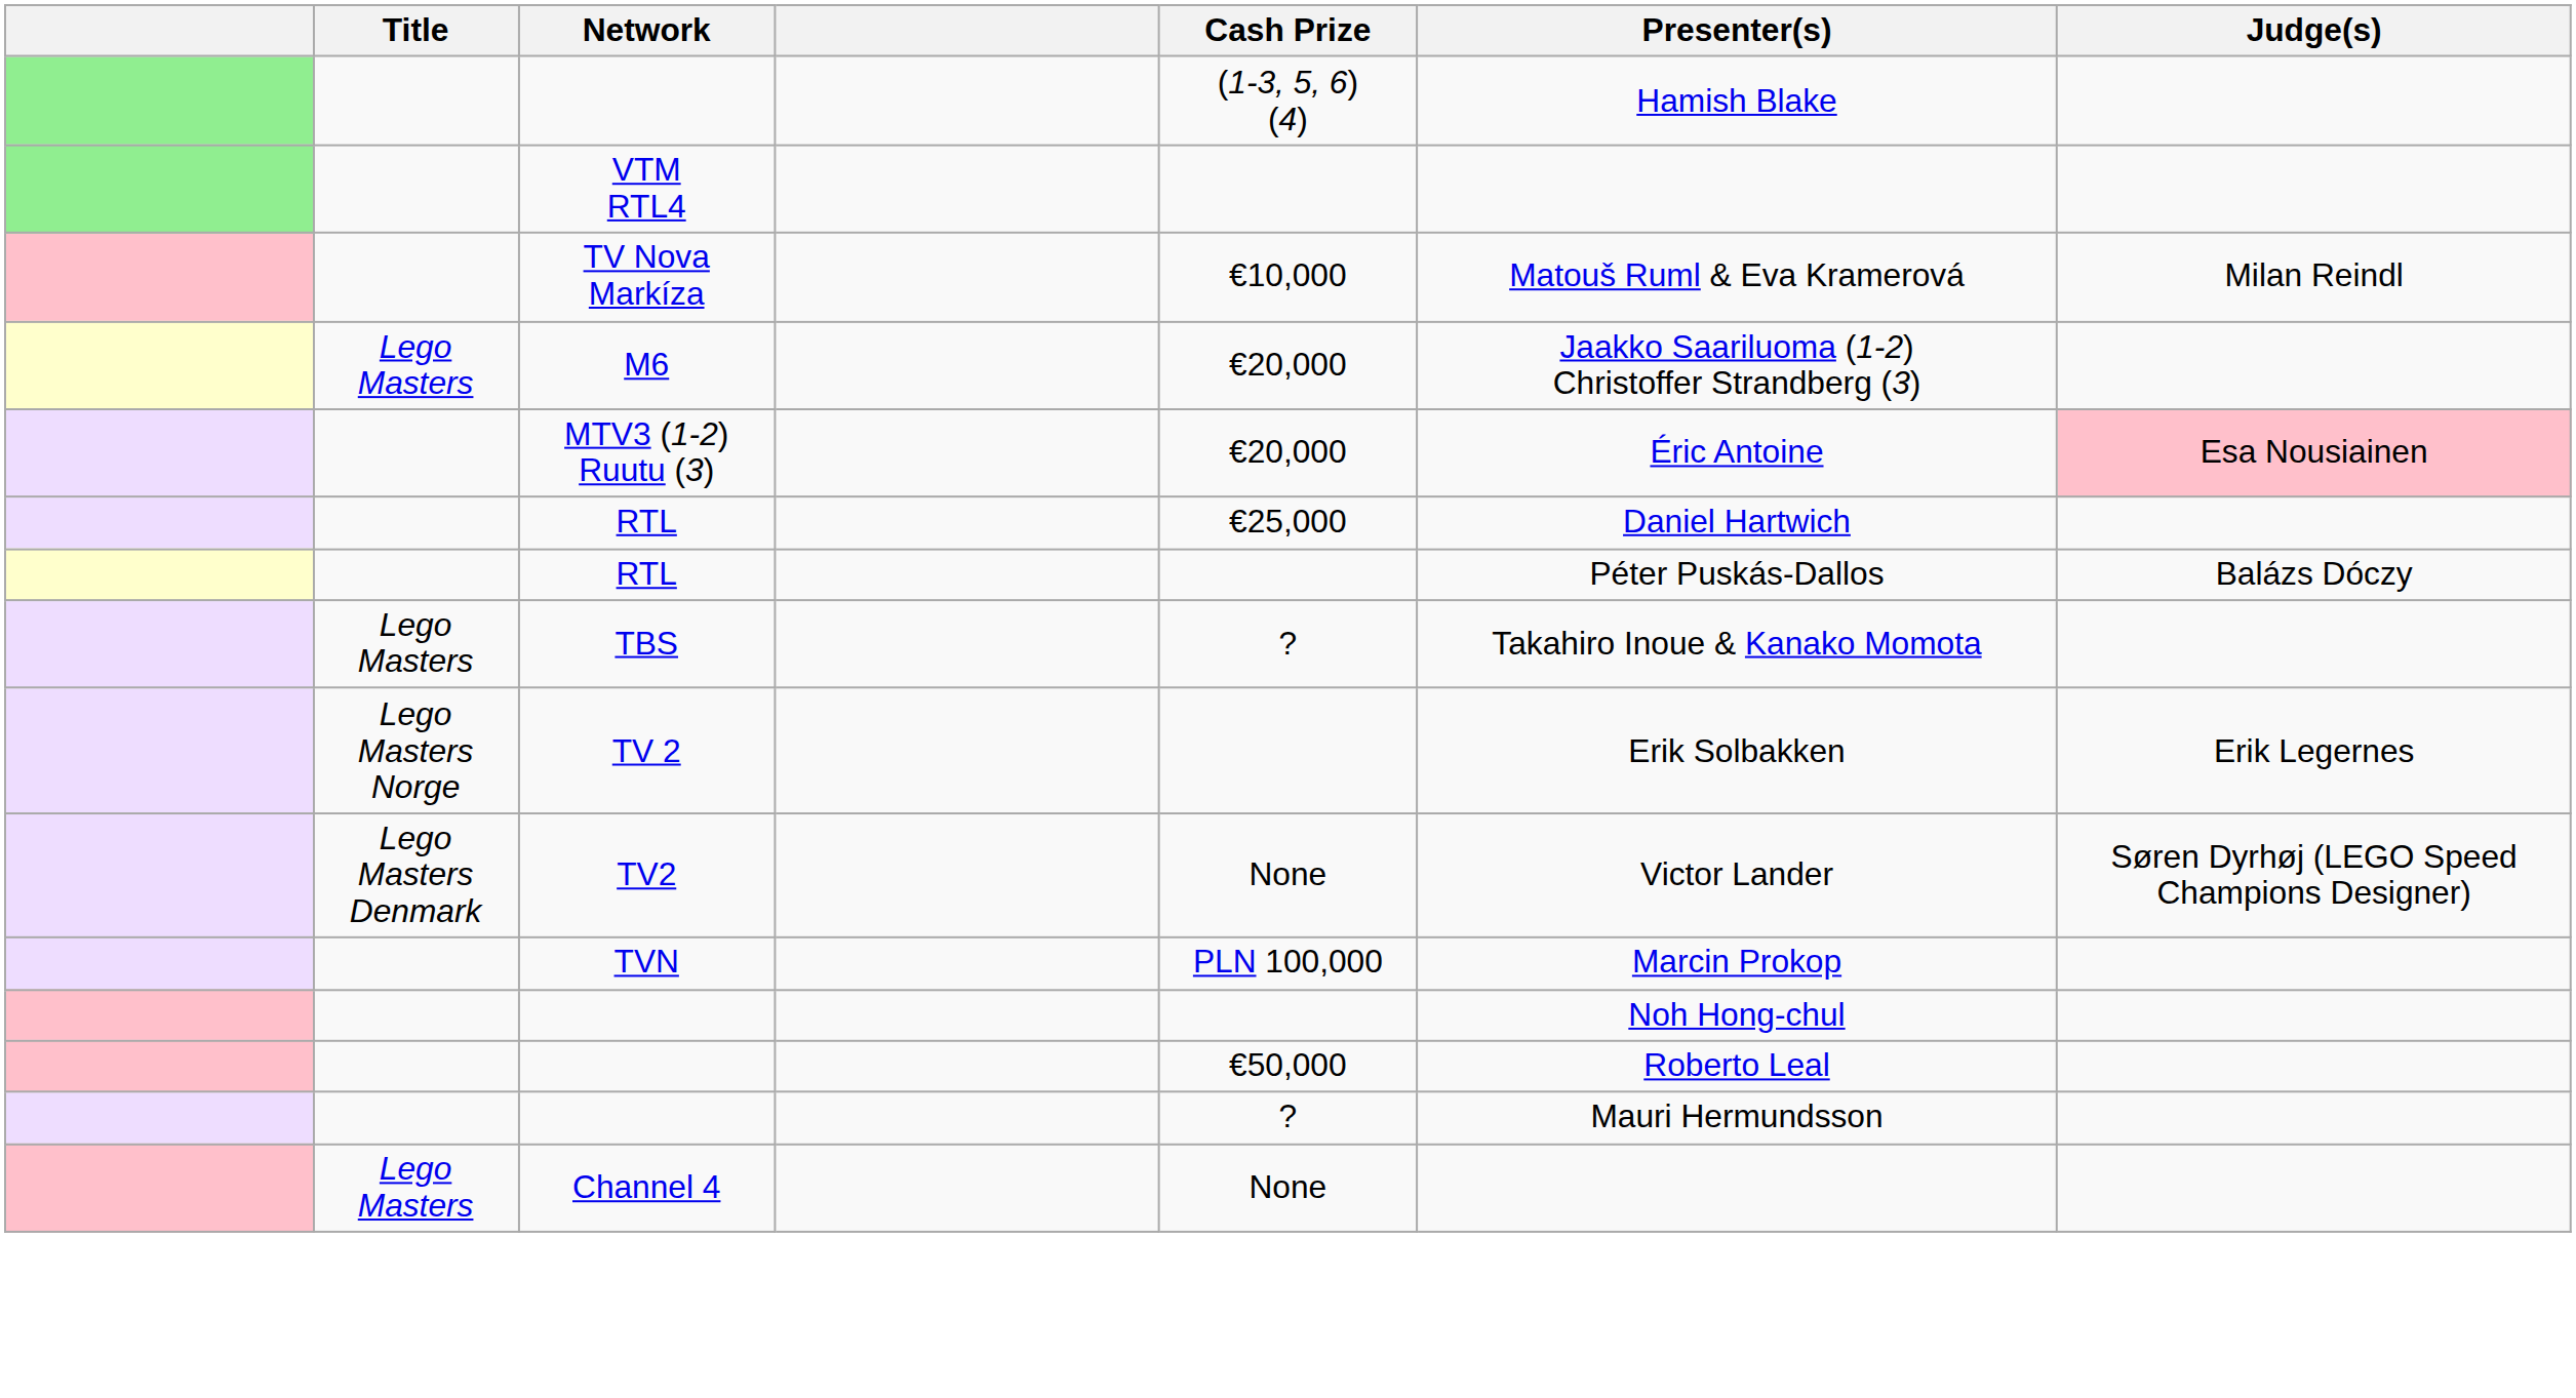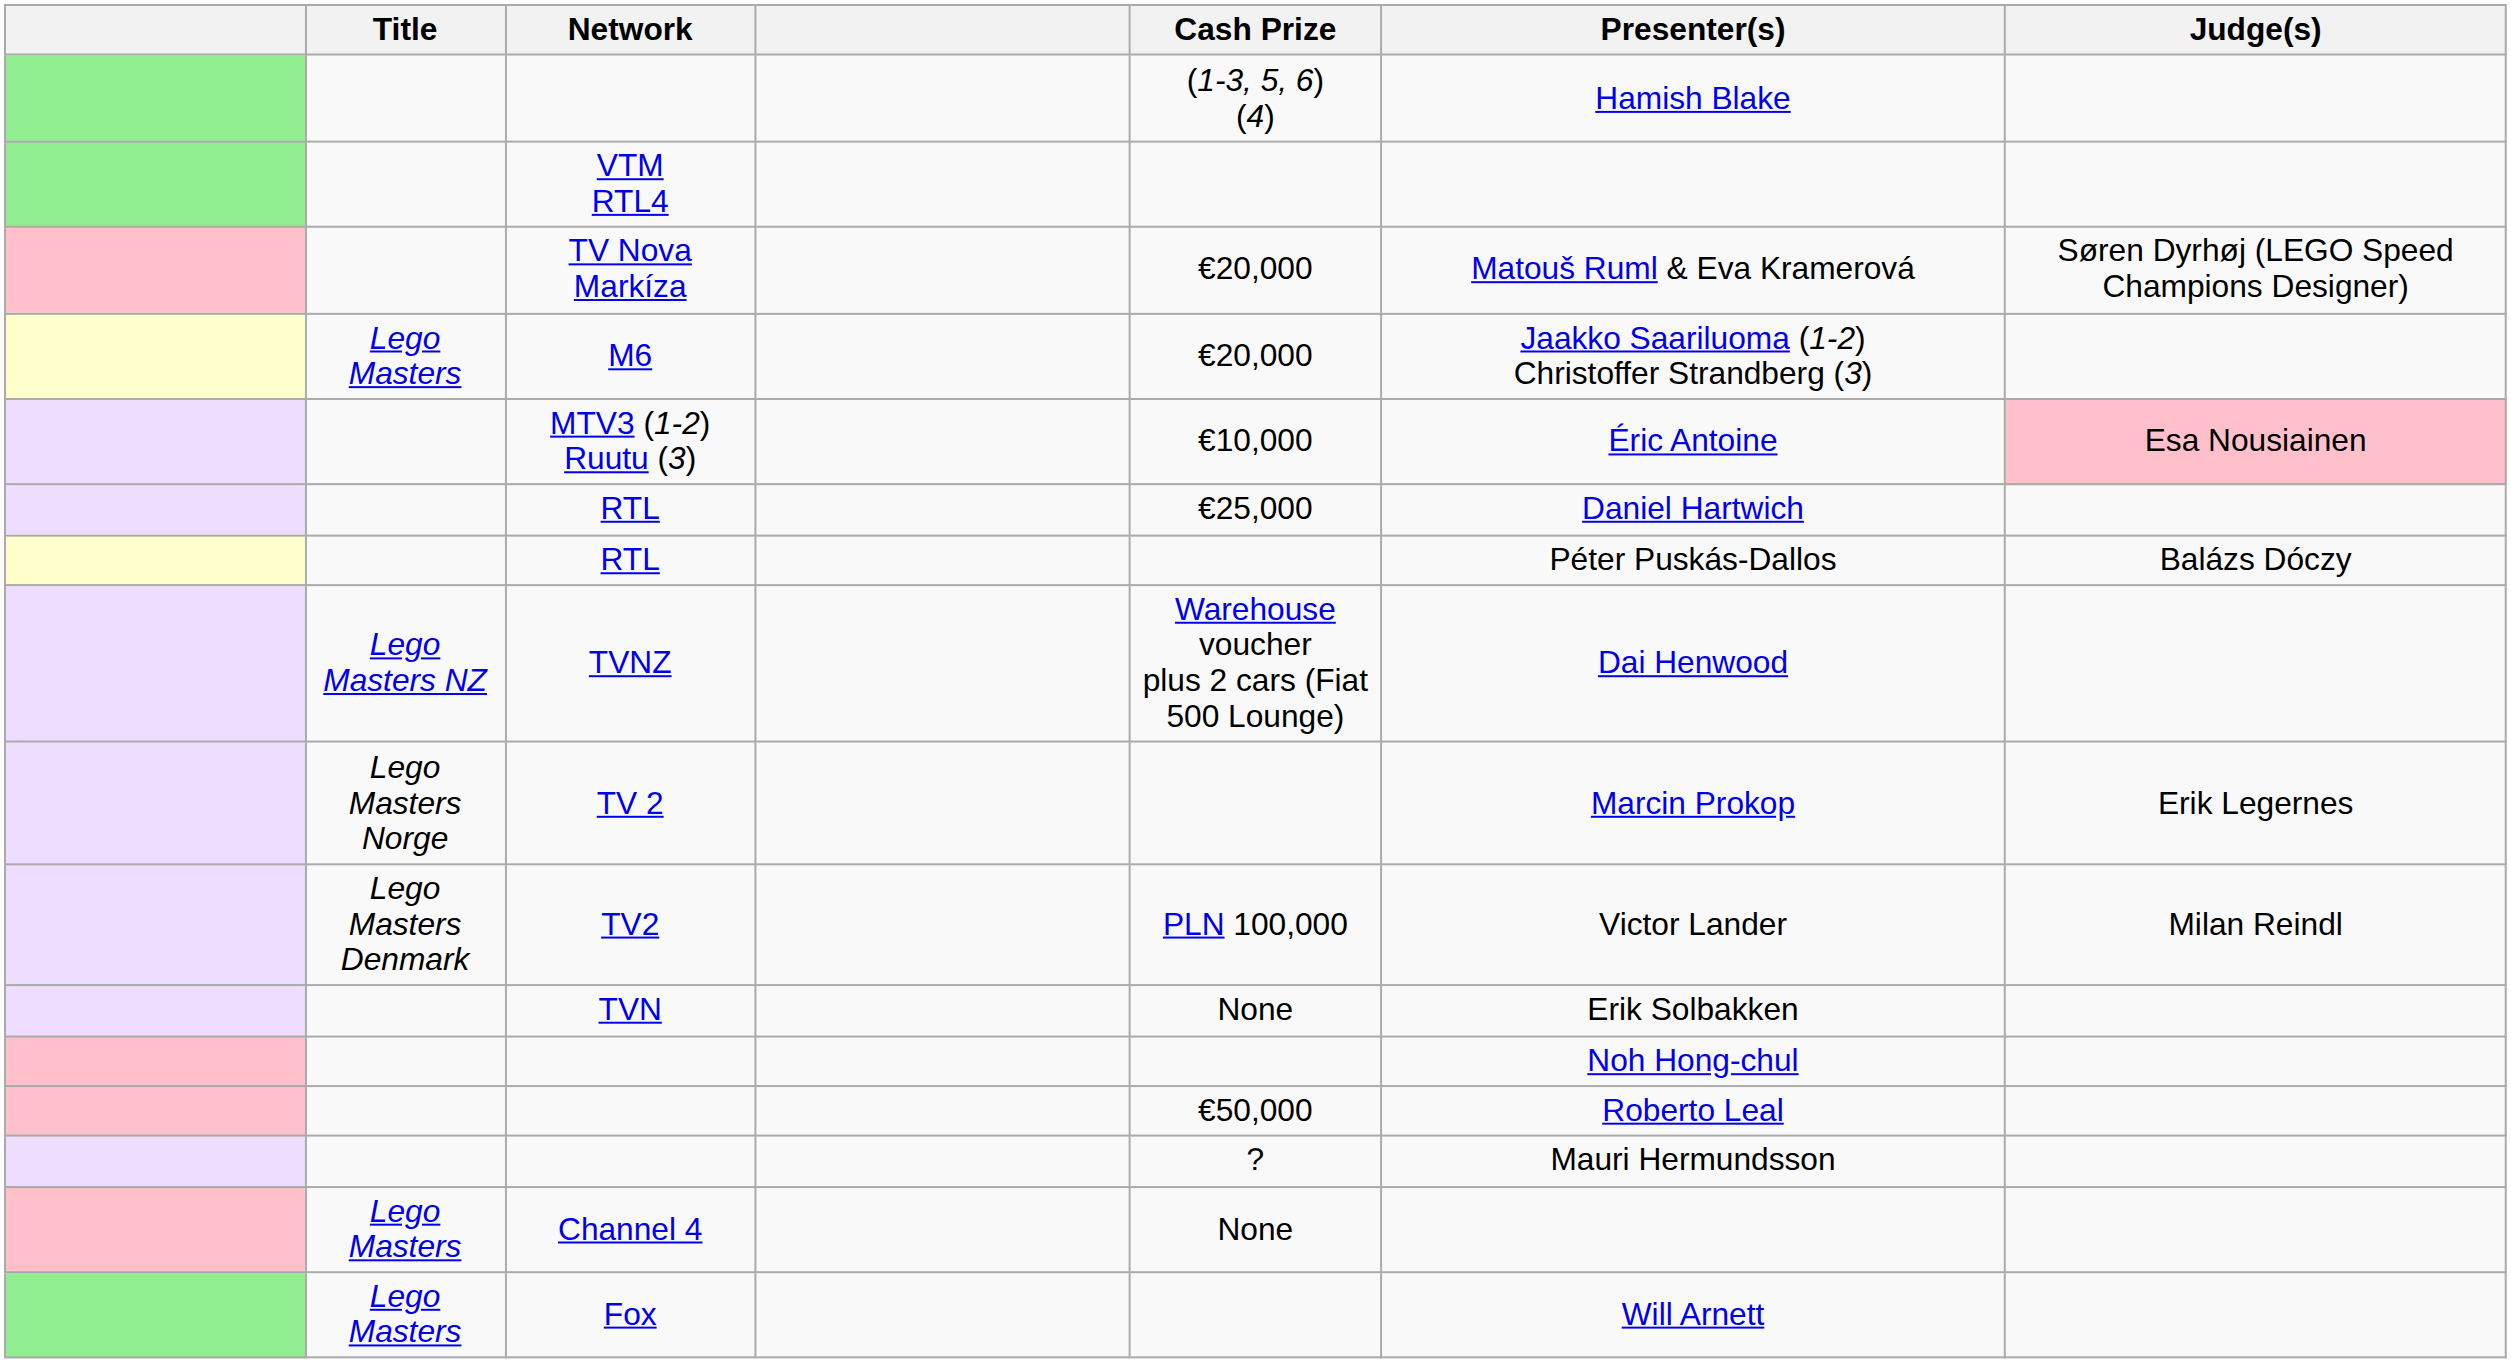 <table class="wikitable" style="text-align:center; line-height:18px; width:100%;">
 <tr>
 <th scope="col" width="12%"></th>
 <th>Title</th>
 <th scope="col" width="10%">Network</th>
 <th scope="col" width="15%"></th>
 <th scope="col" width="10%">Cash Prize</th>
 <th scope="col" width="25%">Presenter(s)</th>
 <th scope="col" width="20%">Judge(s)</th>
 </tr>
 <tr>
 <td align="left" bgcolor="#90EE90"></td>
 <td></td>
 <td></td>
 <td></td>
 <td> (<em>1-3, 5, 6</em>)<br> (<em>4</em>)</td>
 <td><a href='#'>Hamish Blake</a></td>
 <td></td>
 </tr>
 <tr>
 <td align="left" bgcolor="lightgreen"></td>
 <td><em></em></td>
 <td> <a href='#'>VTM</a><br> <a href='#'>RTL4</a></td>
 <td></td>
 <td></td>
 <td></td>
 <td></td>
 </tr>
 <tr>
 <td align="left" bgcolor="#FFC0CB"></td>
 <td><em></em></td>
 <td> <a href='#'>TV Nova</a><br> <a href='#'>Markíza</a></td>
 <td></td>
-<td>€10,000</td>
+<td>€20,000</td>
 <td><a href='#'>Matouš Ruml</a> & Eva Kramerová</td>
-<td>Milan Reindl</td>
+<td>Søren Dyrhøj (LEGO Speed Champions Designer)</td>
 </tr>
 <tr>
 <td align="left" bgcolor="#FFFFCC"></td>
 <td><em><a href='#'>Lego Masters</a></em></td>
 <td><a href='#'>M6</a></td>
 <td></td>
 <td>€20,000</td>
 <td><a href='#'>Jaakko Saariluoma</a> (<em>1-2</em>)<br>Christoffer Strandberg (<em>3</em>)</td>
 <td></td>
 </tr>
 <tr>
 <td align="left" bgcolor="#EEDDFF"></td>
 <td><em></em></td>
 <td><a href='#'>MTV3</a> (<em>1-2</em>)<br><a href='#'>Ruutu</a> (<em>3</em>)</td>
 <td></td>
-<td>€20,000</td>
+<td>€10,000</td>
 <td><a href='#'>Éric Antoine</a></td>
 <td style="background: pink;">Esa Nousiainen</td>
 </tr>
 <tr>
 <td align="left" bgcolor="#EEDDFF"></td>
 <td><em></em></td>
 <td><a href='#'>RTL</a></td>
 <td></td>
 <td>€25,000</td>
 <td><a href='#'>Daniel Hartwich</a></td>
 <td></td>
 </tr>
 <tr>
 <td align="left" bgcolor="#FFFFCC"></td>
 <td></td>
 <td><a href='#'>RTL</a></td>
 <td></td>
 <td></td>
 <td>Péter Puskás-Dallos</td>
 <td>Balázs Dóczy</td>
 </tr>
 <tr>
-<td align="left" bgcolor="#EEDDFF"></td>
-<td><em>Lego Masters</em></td>
-<td><a href='#'>TBS</a></td>
+<td align="left" bgcolor="EEDDFF"></td>
+<td><em><a href='#'>Lego Masters NZ</a></em></td>
+<td><a href='#'>TVNZ</a></td>
 <td></td>
-<td>?</td>
-<td>Takahiro Inoue & <a href='#'>Kanako Momota</a></td>
+<td> <a href='#'>Warehouse</a> voucher<br>plus 2 cars (Fiat 500 Lounge)</td>
+<td><a href='#'>Dai Henwood</a></td>
 <td></td>
 </tr>
 <tr>
 <td align="left" bgcolor="#EEDDFF"></td>
 <td><em>Lego Masters Norge</em></td>
 <td><a href='#'>TV 2</a></td>
 <td></td>
 <td></td>
-<td>Erik Solbakken</td>
+<td><a href='#'>Marcin Prokop</a></td>
 <td>Erik Legernes</td>
 </tr>
 <tr>
 <td align="left" bgcolor="#EEDDFF"></td>
 <td><em>Lego Masters Denmark</em></td>
 <td><a href='#'>TV2</a></td>
 <td></td>
-<td>None</td>
+<td><a href='#'>PLN</a> 100,000</td>
 <td>Victor Lander</td>
-<td>Søren Dyrhøj (LEGO Speed Champions Designer)</td>
+<td>Milan Reindl</td>
 </tr>
 <tr>
 <td align="left" bgcolor="EEDDFF"></td>
 <td><em></em></td>
 <td><a href='#'>TVN</a></td>
 <td></td>
-<td><a href='#'>PLN</a> 100,000</td>
-<td><a href='#'>Marcin Prokop</a></td>
+<td>None</td>
+<td>Erik Solbakken</td>
 <td></td>
 </tr>
 <tr>
 <td align="left" bgcolor="#FFC0CB"></td>
 <td></td>
 <td></td>
 <td></td>
 <td></td>
 <td><a href='#'>Noh Hong-chul</a></td>
 <td></td>
 </tr>
 <tr>
 <td align="left" bgcolor="#FFC0CB"></td>
 <td></td>
 <td></td>
 <td></td>
 <td>€50,000</td>
 <td><a href='#'>Roberto Leal</a></td>
 <td></td>
 </tr>
 <tr>
 <td align="left" bgcolor="#EEDDFF"></td>
 <td></td>
 <td></td>
 <td></td>
 <td>?</td>
 <td>Mauri Hermundsson</td>
 <td></td>
 </tr>
 <tr>
 <td align="left" bgcolor="#FFC0CB"></td>
 <td><em><a href='#'>Lego Masters</a></em></td>
 <td><a href='#'>Channel 4</a></td>
 <td></td>
 <td>None</td>
 <td></td>
 <td></td>
 </tr>
+<tr>
+<td align="left" bgcolor="#90EE90"></td>
+<td><em><a href='#'>Lego Masters</a></em></td>
+<td><a href='#'>Fox</a></td>
+<td></td>
+<td></td>
+<td><a href='#'>Will Arnett</a></td>
+<td></td>
+</tr>
 </table>
